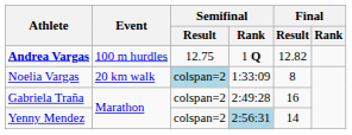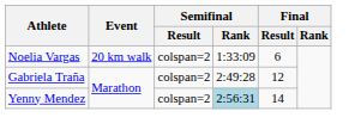 <table class=wikitable style="font-size:90%">
 <tr>
 <th rowspan="2">Athlete</th>
 <th rowspan="2">Event</th>
 <th colspan="2">Semifinal</th>
 <th colspan="2">Final</th>
 </tr>
 <tr style="font-size:95%">
 <th>Result</th>
 <th>Rank</th>
 <th>Result</th>
 <th>Rank</th>
 </tr>
 <tr align=center>
-<td align=left><strong><a href='#'>Andrea Vargas</a></strong></td>
-<td align=left><a href='#'>100 m hurdles</a></td>
-<td>12.75</td>
-<td>1 <strong>Q</strong></td>
-<td>12.82</td>
-<td></td>
-</tr>
-<tr align=center>
 <td align=left><a href='#'>Noelia Vargas</a></td>
 <td align=left><a href='#'>20 km walk</a></td>
-<td style="background: lightblue;">colspan=2 </td>
+<td>colspan=2 </td>
 <td>1:33:09</td>
-<td>8</td>
+<td>6</td>
 </tr>
 <tr align=center>
 <td align=left><a href='#'>Gabriela Traña</a></td>
 <td rowspan=2 align=left><a href='#'>Marathon</a></td>
 <td>colspan=2 </td>
 <td>2:49:28</td>
-<td>16</td>
+<td>12</td>
 </tr>
 <tr align=center>
 <td align=left><a href='#'>Yenny Mendez</a></td>
 <td>colspan=2 </td>
 <td style="background: lightblue;">2:56:31</td>
 <td>14</td>
 </tr>
 </table>
